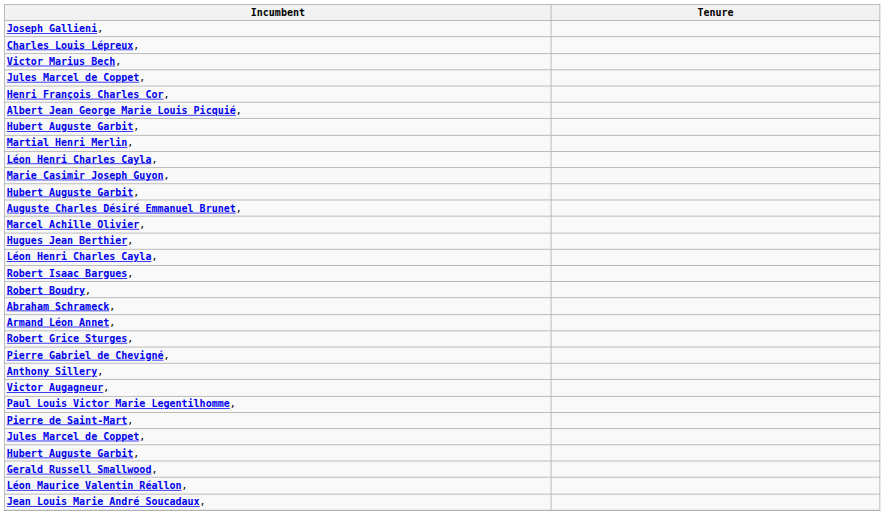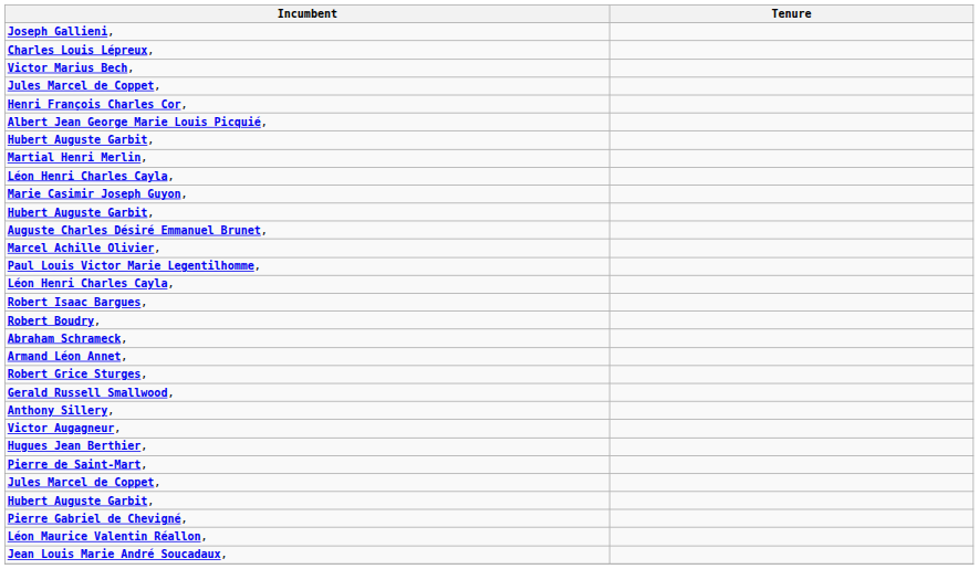 <table class="wikitable" width="90%">
 <tr>
 <th width="50%">Incumbent</th>
 <th width="30%">Tenure</th>
 </tr>
 <tr valign="top">
 <td><strong><a href='#'>Joseph Gallieni</a></strong>, </td>
 <td></td>
 </tr>
 <tr valign="top">
 <td><strong><a href='#'>Charles Louis Lépreux</a></strong>, </td>
 <td></td>
 </tr>
 <tr valign="top">
 <td><strong><a href='#'>Victor Marius Bech</a></strong>, </td>
 <td></td>
 </tr>
 <tr valign="top">
 <td><strong><a href='#'>Jules Marcel de Coppet</a></strong>, </td>
 <td></td>
 </tr>
 <tr valign="top">
 <td><strong><a href='#'>Henri François Charles Cor</a></strong>, </td>
 <td></td>
 </tr>
 <tr valign="top">
 <td><strong><a href='#'>Albert Jean George Marie Louis Picquié</a></strong>, </td>
 <td></td>
 </tr>
 <tr valign="top">
 <td><strong><a href='#'>Hubert Auguste Garbit</a></strong>, </td>
 <td></td>
 </tr>
 <tr valign="top">
 <td><strong><a href='#'>Martial Henri Merlin</a></strong>, </td>
 <td></td>
 </tr>
 <tr valign="top">
 <td><strong><a href='#'>Léon Henri Charles Cayla</a></strong>, </td>
 <td></td>
 </tr>
 <tr valign="top">
 <td><strong><a href='#'>Marie Casimir Joseph Guyon</a></strong>, </td>
 <td></td>
 </tr>
 <tr valign="top">
 <td><strong><a href='#'>Hubert Auguste Garbit</a></strong>, </td>
 <td></td>
 </tr>
 <tr valign="top">
 <td><strong><a href='#'>Auguste Charles Désiré Emmanuel Brunet</a></strong>, </td>
 <td></td>
 </tr>
 <tr valign="top">
 <td><strong><a href='#'>Marcel Achille Olivier</a></strong>, </td>
 <td></td>
 </tr>
 <tr valign="top">
-<td><strong><a href='#'>Hugues Jean Berthier</a></strong>, </td>
+<td><strong><a href='#'>Paul Louis Victor Marie Legentilhomme</a></strong>, </td>
 <td></td>
 </tr>
 <tr valign="top">
 <td><strong><a href='#'>Léon Henri Charles Cayla</a></strong>, </td>
 <td></td>
 </tr>
 <tr valign="top">
 <td><strong><a href='#'>Robert Isaac Bargues</a></strong>, </td>
 <td></td>
 </tr>
 <tr valign="top">
 <td><strong><a href='#'>Robert Boudry</a></strong>, </td>
 <td></td>
 </tr>
 <tr valign="top">
 <td><strong><a href='#'>Abraham Schrameck</a></strong>, </td>
 <td></td>
 </tr>
 <tr valign="top">
 <td><strong><a href='#'>Armand Léon Annet</a></strong>, </td>
 <td></td>
 </tr>
 <tr valign="top">
 <td><strong><a href='#'>Robert Grice Sturges</a></strong>, </td>
 <td></td>
 </tr>
 <tr valign="top">
-<td><strong><a href='#'>Pierre Gabriel de Chevigné</a></strong>, </td>
+<td><strong><a href='#'>Gerald Russell Smallwood</a></strong>, </td>
 <td></td>
 </tr>
 <tr valign="top">
 <td><strong><a href='#'>Anthony Sillery</a></strong>, </td>
 <td></td>
 </tr>
 <tr valign="top">
 <td><strong><a href='#'>Victor Augagneur</a></strong>, </td>
 <td></td>
 </tr>
 <tr valign="top">
-<td><strong><a href='#'>Paul Louis Victor Marie Legentilhomme</a></strong>, </td>
+<td><strong><a href='#'>Hugues Jean Berthier</a></strong>, </td>
 <td></td>
 </tr>
 <tr valign="top">
 <td><strong><a href='#'>Pierre de Saint-Mart</a></strong>, </td>
 <td></td>
 </tr>
 <tr valign="top">
 <td><strong><a href='#'>Jules Marcel de Coppet</a></strong>, </td>
 <td></td>
 </tr>
 <tr valign="top">
 <td><strong><a href='#'>Hubert Auguste Garbit</a></strong>, </td>
 <td></td>
 </tr>
 <tr valign="top">
-<td><strong><a href='#'>Gerald Russell Smallwood</a></strong>, </td>
+<td><strong><a href='#'>Pierre Gabriel de Chevigné</a></strong>, </td>
 <td></td>
 </tr>
 <tr valign="top">
 <td><strong><a href='#'>Léon Maurice Valentin Réallon</a></strong>, </td>
 <td></td>
 </tr>
 <tr valign="top">
 <td><strong><a href='#'>Jean Louis Marie André Soucadaux</a></strong>, </td>
 <td></td>
 </tr>
 <tr valign="top">
 </tr>
 </table>
